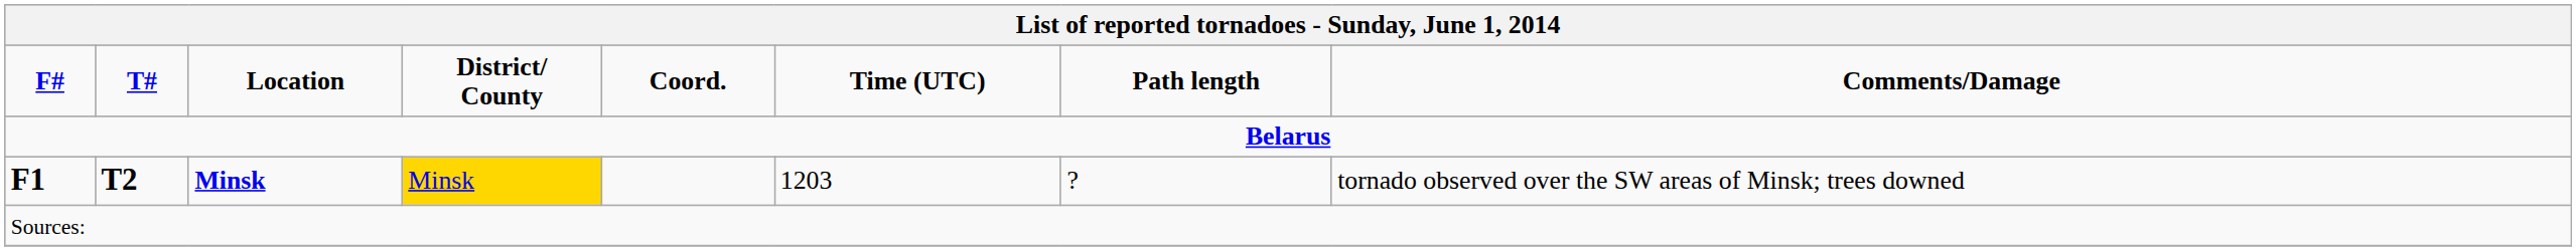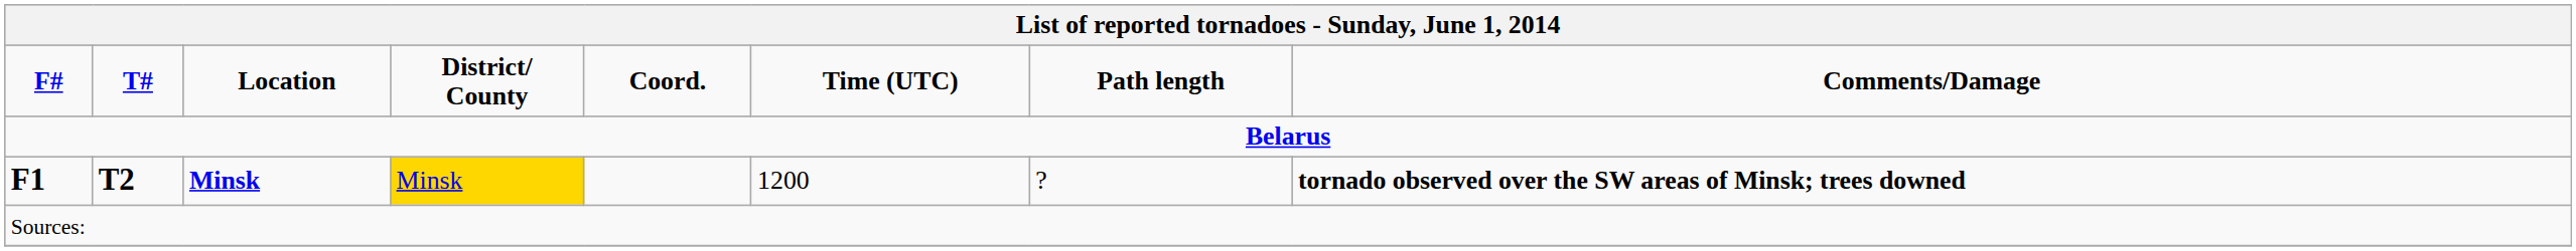 <table class="wikitable collapsible" width="100%">
 <tr>
 <th colspan="8">List of reported tornadoes - Sunday, June 1, 2014</th>
 </tr>
 <tr>
 <td style="text-align: center;"><strong><a href='#'>F#</a></strong></td>
 <td style="text-align: center;"><strong><a href='#'>T#</a></strong></td>
 <td style="text-align: center;"><strong>Location</strong></td>
 <td style="text-align: center;"><strong>District/<br>County</strong></td>
 <td style="text-align: center;"><strong>Coord.</strong></td>
 <td style="text-align: center;"><strong>Time (UTC)</strong></td>
 <td style="text-align: center;"><strong>Path length</strong></td>
 <td style="text-align: center;"><strong>Comments/Damage</strong></td>
 </tr>
 <tr>
 <td colspan="8" align=center><strong><a href='#'>Belarus</a></strong></td>
 </tr>
 <tr>
 <td><big><strong>F1</strong></big></td>
 <td><big><strong>T2</strong></big></td>
 <td><strong><a href='#'>Minsk</a></strong></td>
 <td style="background: gold;"><a href='#'>Minsk</a></td>
 <td></td>
-<td>1203</td>
+<td>1200</td>
 <td>?</td>
-<td>tornado observed over the SW areas of Minsk; trees downed</td>
+<td><strong>tornado observed over the SW areas of Minsk; trees downed</strong></td>
 </tr>
 <tr>
 <td colspan="8"><small>Sources:</small></td>
 </tr>
 <tr>
 </tr>
 </table>
